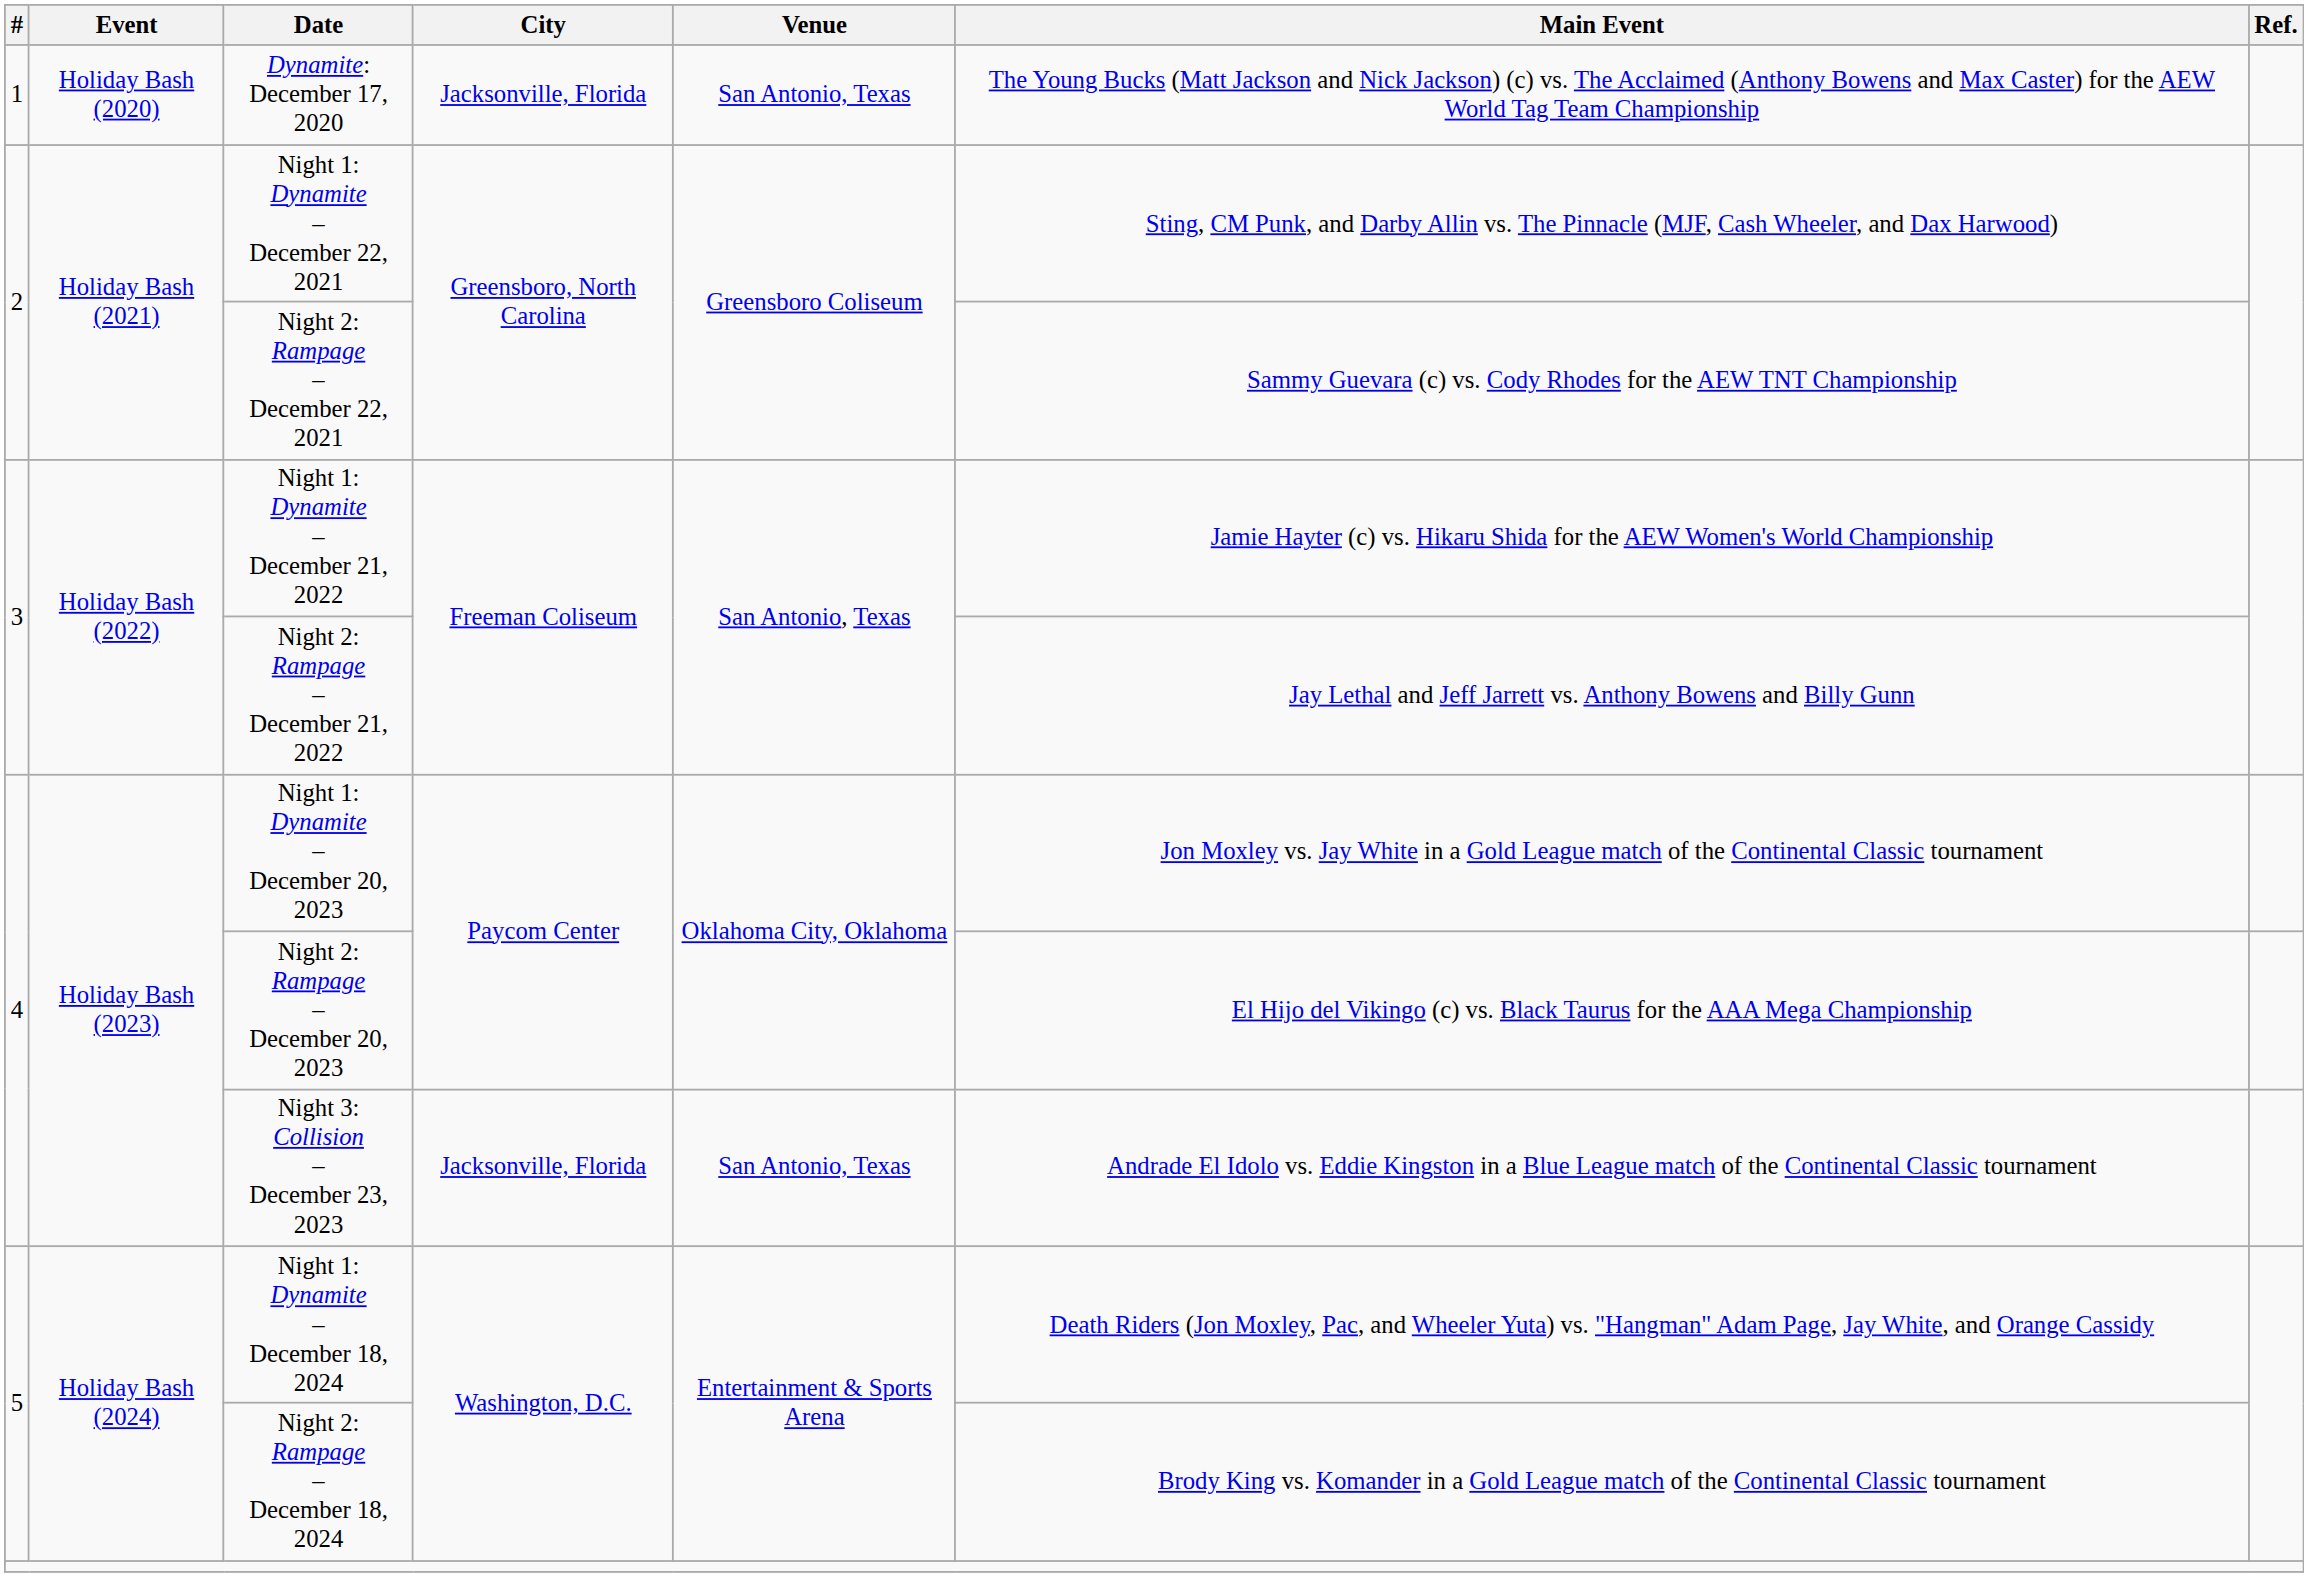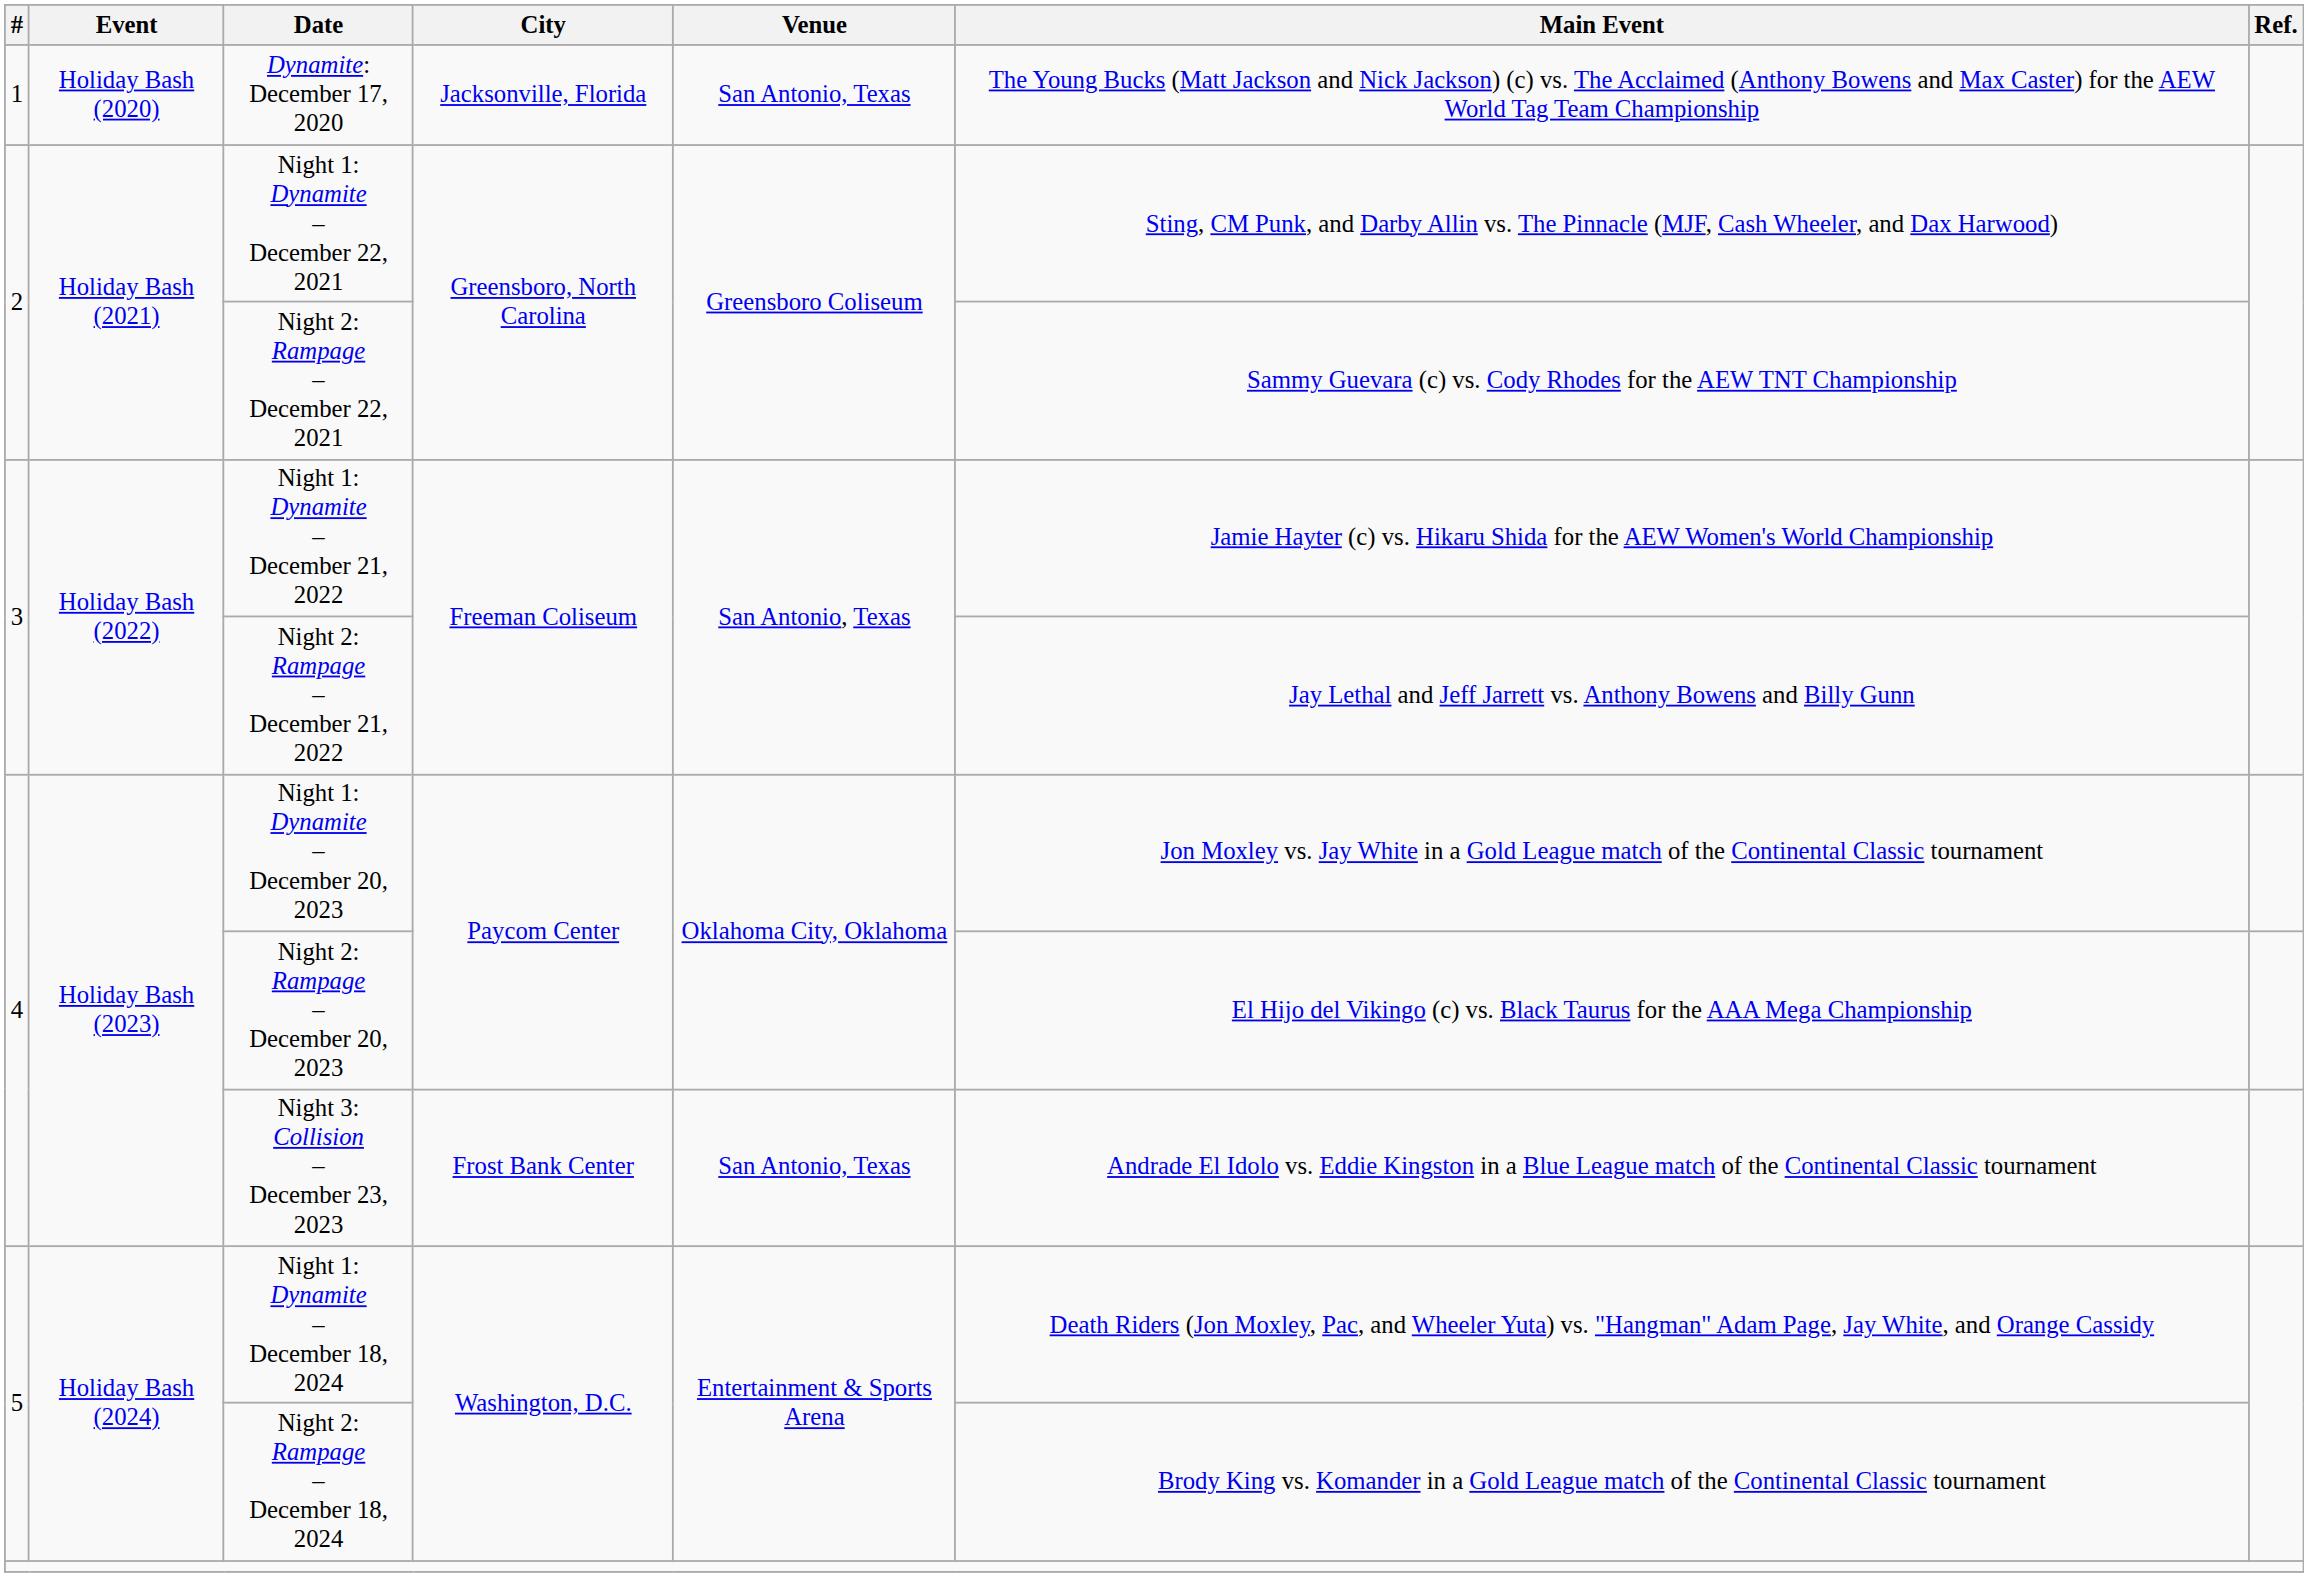 <table class="sortable wikitable succession-box" style="font-size:85%; text-align:center;" width="100%">
 <tr>
 <th>#</th>
 <th>Event</th>
 <th>Date</th>
 <th>City</th>
 <th>Venue</th>
 <th>Main Event</th>
 <th>Ref.</th>
 </tr>
 <tr>
 <td>1</td>
 <td><a href='#'>Holiday Bash (2020)</a></td>
 <td><em><a href='#'>Dynamite</a></em>:<br>December 17, 2020<br></td>
 <td><a href='#'>Jacksonville, Florida</a></td>
 <td><a href='#'>San Antonio, Texas</a></td>
 <td><a href='#'>The Young Bucks</a> (<a href='#'>Matt Jackson</a> and <a href='#'>Nick Jackson</a>) (c) vs. <a href='#'>The Acclaimed</a> (<a href='#'>Anthony Bowens</a> and <a href='#'>Max Caster</a>) for the <a href='#'>AEW World Tag Team Championship</a></td>
 <td></td>
 </tr>
 <tr>
 <td rowspan="2">2</td>
 <td rowspan="2"><a href='#'>Holiday Bash (2021)</a></td>
 <td>Night 1:<br><em><a href='#'>Dynamite</a></em><br>–<br>December 22, 2021</td>
 <td rowspan=2><a href='#'>Greensboro, North Carolina</a></td>
 <td rowspan=2><a href='#'>Greensboro Coliseum</a></td>
 <td><a href='#'>Sting</a>, <a href='#'>CM Punk</a>, and <a href='#'>Darby Allin</a> vs. <a href='#'>The Pinnacle</a> (<a href='#'>MJF</a>, <a href='#'>Cash Wheeler</a>, and <a href='#'>Dax Harwood</a>)</td>
 <td rowspan="2"></td>
 </tr>
 <tr>
 <td>Night 2:<br><em><a href='#'>Rampage</a></em><br>–<br>December 22, 2021<br></td>
 <td><a href='#'>Sammy Guevara</a> (c) vs. <a href='#'>Cody Rhodes</a> for the <a href='#'>AEW TNT Championship</a></td>
 </tr>
 <tr>
 <td rowspan="2">3</td>
 <td rowspan="2"><a href='#'>Holiday Bash (2022)</a></td>
 <td>Night 1:<br><em><a href='#'>Dynamite</a></em><br>–<br>December 21, 2022</td>
 <td rowspan="2"><a href='#'>Freeman Coliseum</a></td>
 <td rowspan="2"><a href='#'>San Antonio</a>, <a href='#'>Texas</a></td>
 <td><a href='#'>Jamie Hayter</a> (c) vs. <a href='#'>Hikaru Shida</a> for the <a href='#'>AEW Women's World Championship</a></td>
 <td rowspan="2"></td>
 </tr>
 <tr>
 <td>Night 2:<br><em><a href='#'>Rampage</a></em><br>–<br>December 21, 2022<br></td>
 <td><a href='#'>Jay Lethal</a> and <a href='#'>Jeff Jarrett</a> vs. <a href='#'>Anthony Bowens</a> and <a href='#'>Billy Gunn</a></td>
 </tr>
 <tr>
 <td rowspan="3">4</td>
 <td rowspan="3"><a href='#'>Holiday Bash (2023)</a></td>
 <td>Night 1: <em><a href='#'>Dynamite</a></em><br>–<br>December 20, 2023</td>
 <td rowspan="2"><a href='#'>Paycom Center</a></td>
 <td rowspan="2"><a href='#'>Oklahoma City, Oklahoma</a></td>
 <td><a href='#'>Jon Moxley</a> vs. <a href='#'>Jay White</a> in a <a href='#'>Gold League match</a> of the <a href='#'>Continental Classic</a> tournament</td>
 <td></td>
 </tr>
 <tr>
 <td>Night 2:<br><em><a href='#'>Rampage</a></em><br>–<br>December 20, 2023<br></td>
 <td><a href='#'>El Hijo del Vikingo</a> (c) vs. <a href='#'>Black Taurus</a> for the <a href='#'>AAA Mega Championship</a></td>
 <td></td>
 </tr>
 <tr>
 <td>Night 3:<br><em><a href='#'>Collision</a></em><br>–<br>December 23, 2023</td>
-<td><a href='#'>Jacksonville, Florida</a></td>
+<td><a href='#'>Frost Bank Center</a></td>
 <td><a href='#'>San Antonio, Texas</a></td>
 <td><a href='#'>Andrade El Idolo</a> vs. <a href='#'>Eddie Kingston</a> in a <a href='#'>Blue League match</a> of the <a href='#'>Continental Classic</a> tournament</td>
 <td></td>
 </tr>
 <tr>
 <td rowspan=2>5</td>
 <td rowspan=2><a href='#'>Holiday Bash (2024)</a></td>
 <td>Night 1:<br><em><a href='#'>Dynamite</a></em><br>–<br>December 18, 2024</td>
 <td rowspan=2><a href='#'>Washington, D.C.</a></td>
 <td rowspan=2><a href='#'>Entertainment & Sports Arena</a></td>
 <td><a href='#'>Death Riders</a> (<a href='#'>Jon Moxley</a>, <a href='#'>Pac</a>, and <a href='#'>Wheeler Yuta</a>) vs. <a href='#'>"Hangman" Adam Page</a>, <a href='#'>Jay White</a>, and <a href='#'>Orange Cassidy</a></td>
 <td rowspan=2></td>
 </tr>
 <tr>
 <td>Night 2:<br><em><a href='#'>Rampage</a></em><br>–<br>December 18, 2024<br></td>
 <td><a href='#'>Brody King</a> vs. <a href='#'>Komander</a> in a <a href='#'>Gold League match</a> of the <a href='#'>Continental Classic</a> tournament</td>
 </tr>
 <tr>
 <td colspan="10"></td>
 </tr>
 </table>
